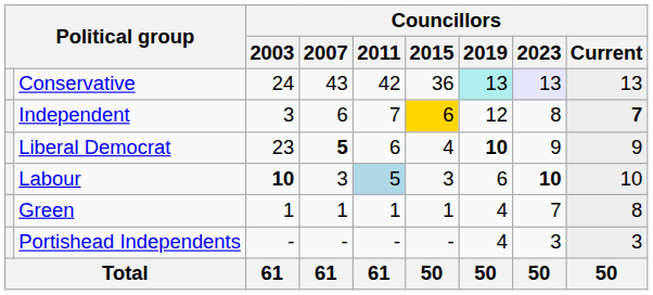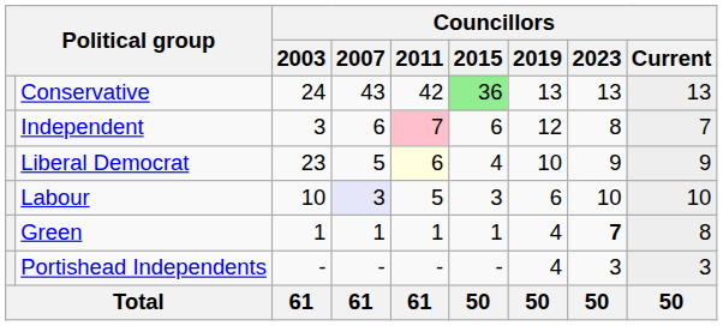 <table class="wikitable" style="text-align:right">
 <tr>
 <th colspan=2 rowspan=2>Political group</th>
 <th colspan=7>Councillors</th>
 </tr>
 <tr>
 <th>2003</th>
 <th>2007</th>
 <th>2011</th>
 <th>2015</th>
 <th>2019</th>
 <th>2023</th>
 <th>Current</th>
 </tr>
 <tr>
 <th style="background-color: "></th>
 <td style="text-align:left"><a href='#'>Conservative</a></td>
 <td>24</td>
 <td>43</td>
 <td>42</td>
-<td>36</td>
-<td style="background: paleturquoise;">13</td>
-<td style="background: lavender;">13</td>
+<td style="background: lightgreen;">36</td>
+<td>13</td>
+<td>13</td>
 <td style="background:#eee;">13</td>
 </tr>
 <tr>
 <th style="background-color: "></th>
 <td style="text-align:left"><a href='#'>Independent</a></td>
 <td>3</td>
 <td>6</td>
-<td>7</td>
-<td style="background: gold;">6</td>
+<td style="background: pink;">7</td>
+<td>6</td>
 <td>12</td>
 <td>8</td>
-<td style="background:#eee;"><strong>7</strong></td>
+<td style="background:#eee;">7</td>
 </tr>
 <tr>
 <th style="background-color: "></th>
 <td style="text-align:left"><a href='#'>Liberal Democrat</a></td>
 <td>23</td>
-<td><strong>5</strong></td>
-<td>6</td>
+<td>5</td>
+<td style="background: lightyellow;">6</td>
 <td>4</td>
-<td><strong>10</strong></td>
+<td>10</td>
 <td>9</td>
 <td style="background:#eee;">9</td>
 </tr>
 <tr>
 <th style="background-color: "></th>
 <td style="text-align:left"><a href='#'>Labour</a></td>
-<td><strong>10</strong></td>
-<td>3</td>
-<td style="background: lightblue;">5</td>
+<td>10</td>
+<td style="background: lavender;">3</td>
+<td>5</td>
 <td>3</td>
 <td>6</td>
-<td><strong>10</strong></td>
+<td>10</td>
 <td style="background:#eee;">10</td>
 </tr>
 <tr>
 <th style="background-color: "></th>
 <td style="text-align:left"><a href='#'>Green</a></td>
 <td>1</td>
 <td>1</td>
 <td>1</td>
 <td>1</td>
 <td>4</td>
-<td>7</td>
+<td><strong>7</strong></td>
 <td style="background:#eee;">8</td>
 </tr>
 <tr>
 <th style="background-color: "></th>
 <td style="text-align:left"><a href='#'>Portishead Independents</a></td>
 <td>-</td>
 <td>-</td>
 <td>-</td>
 <td>-</td>
 <td>4</td>
 <td>3</td>
 <td style="background:#eee;">3</td>
 </tr>
 <tr>
 <th colspan=2>Total</th>
 <th>61</th>
 <th>61</th>
 <th>61</th>
 <th>50</th>
 <th>50</th>
 <th>50</th>
 <th>50</th>
 </tr>
 </table>
